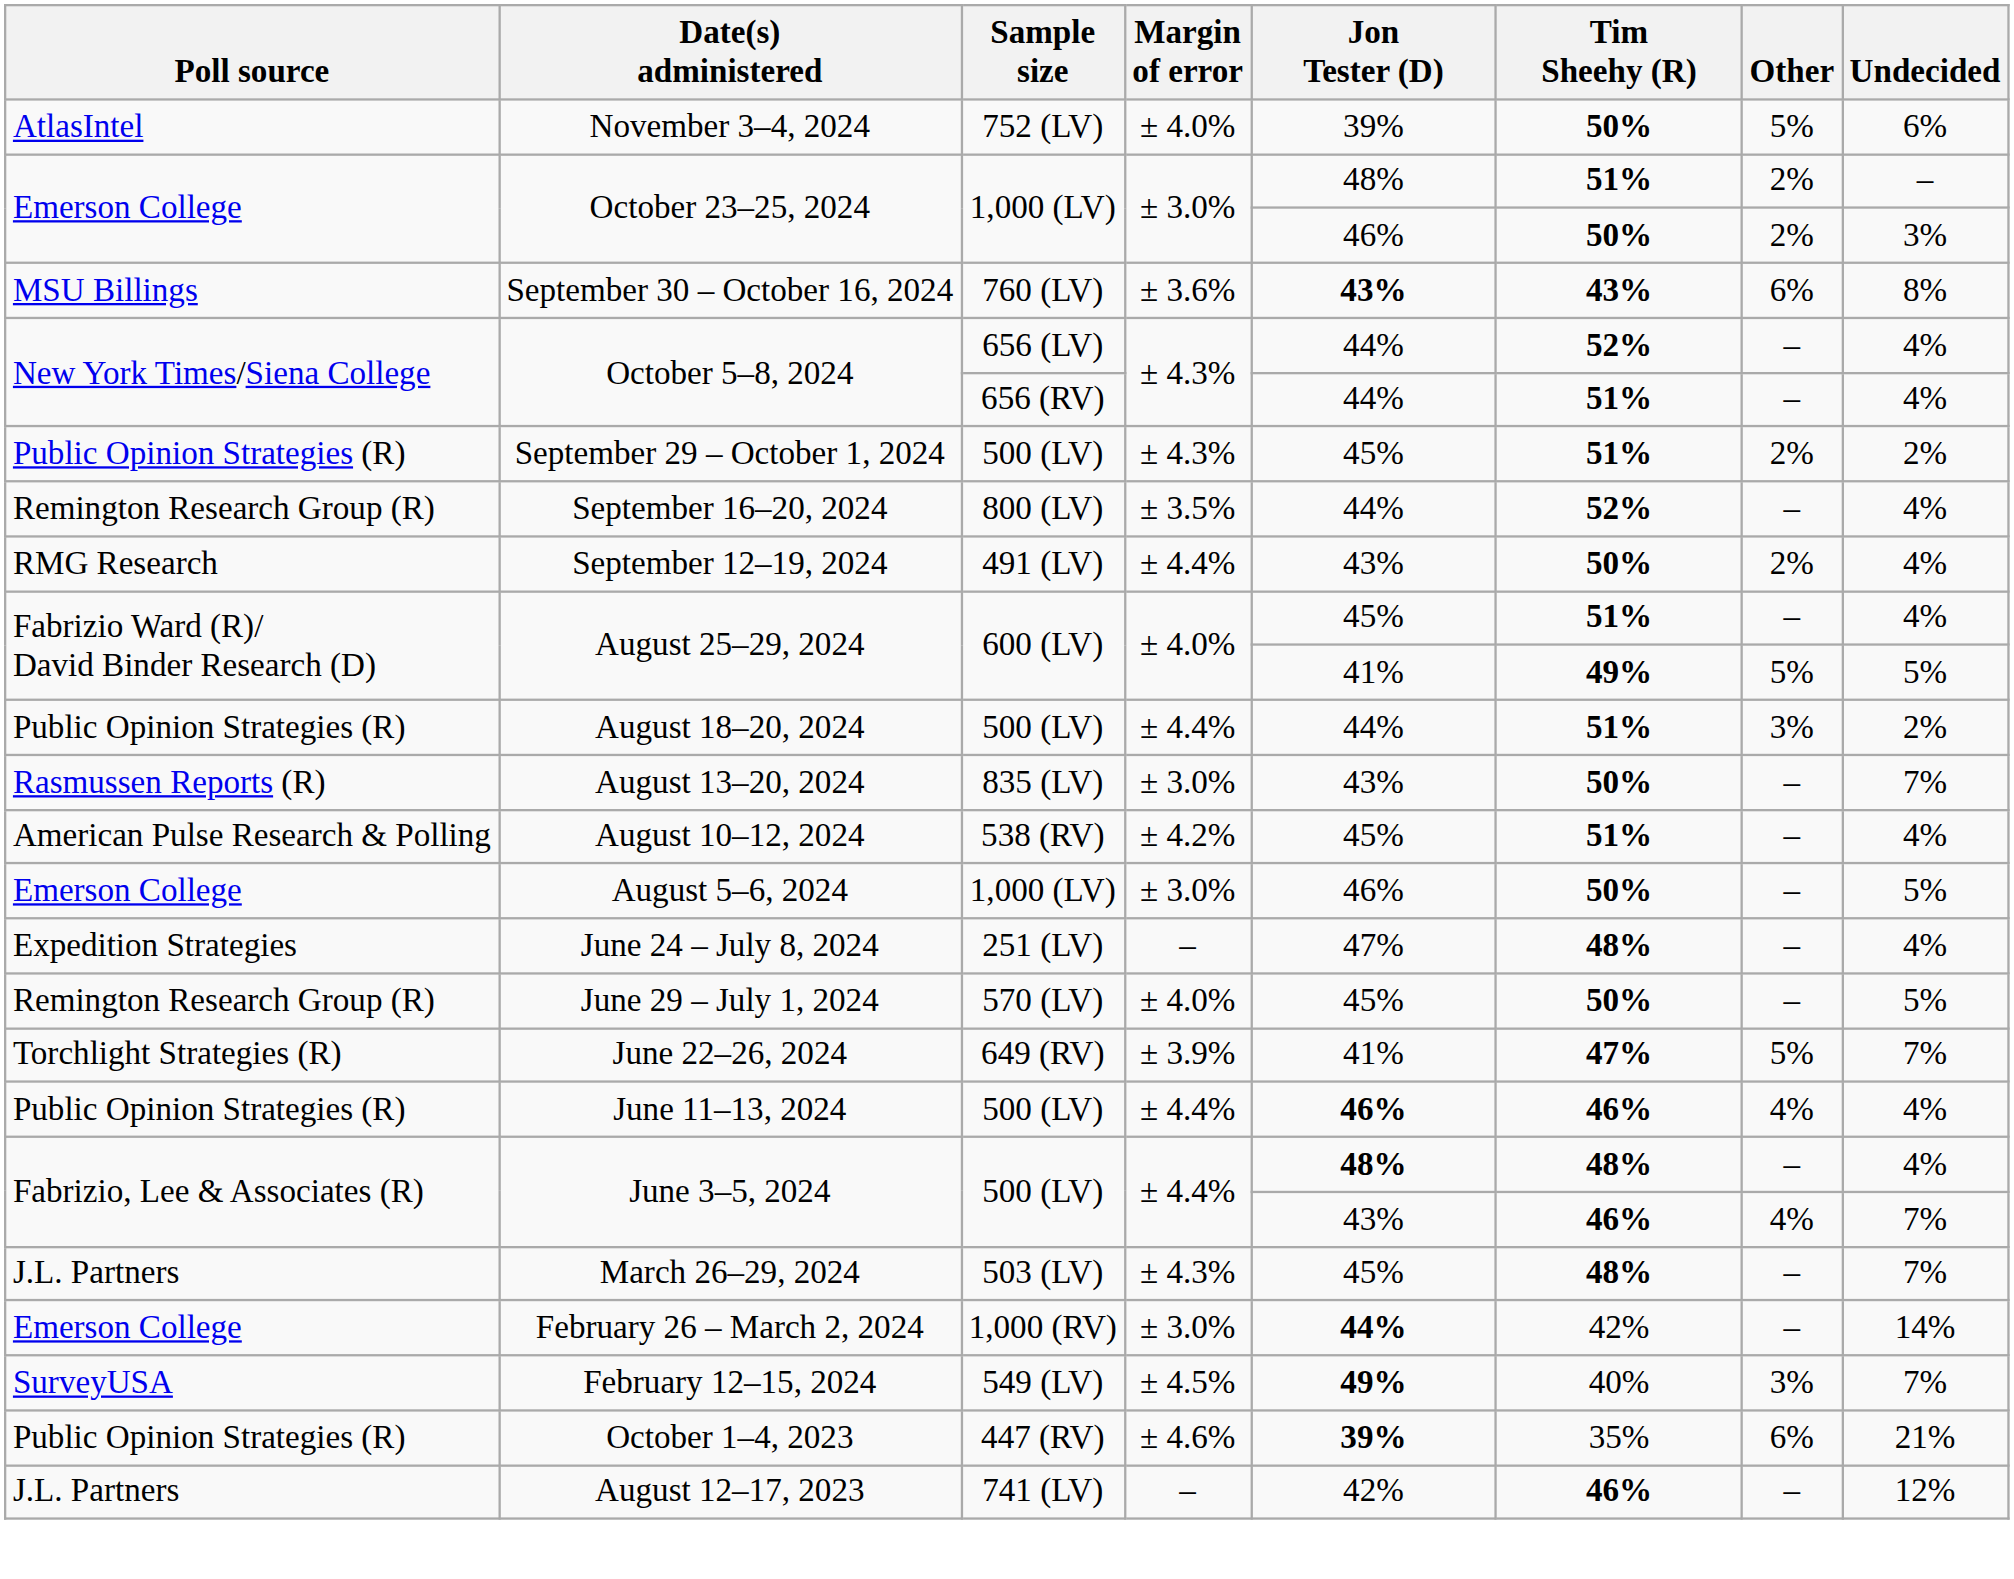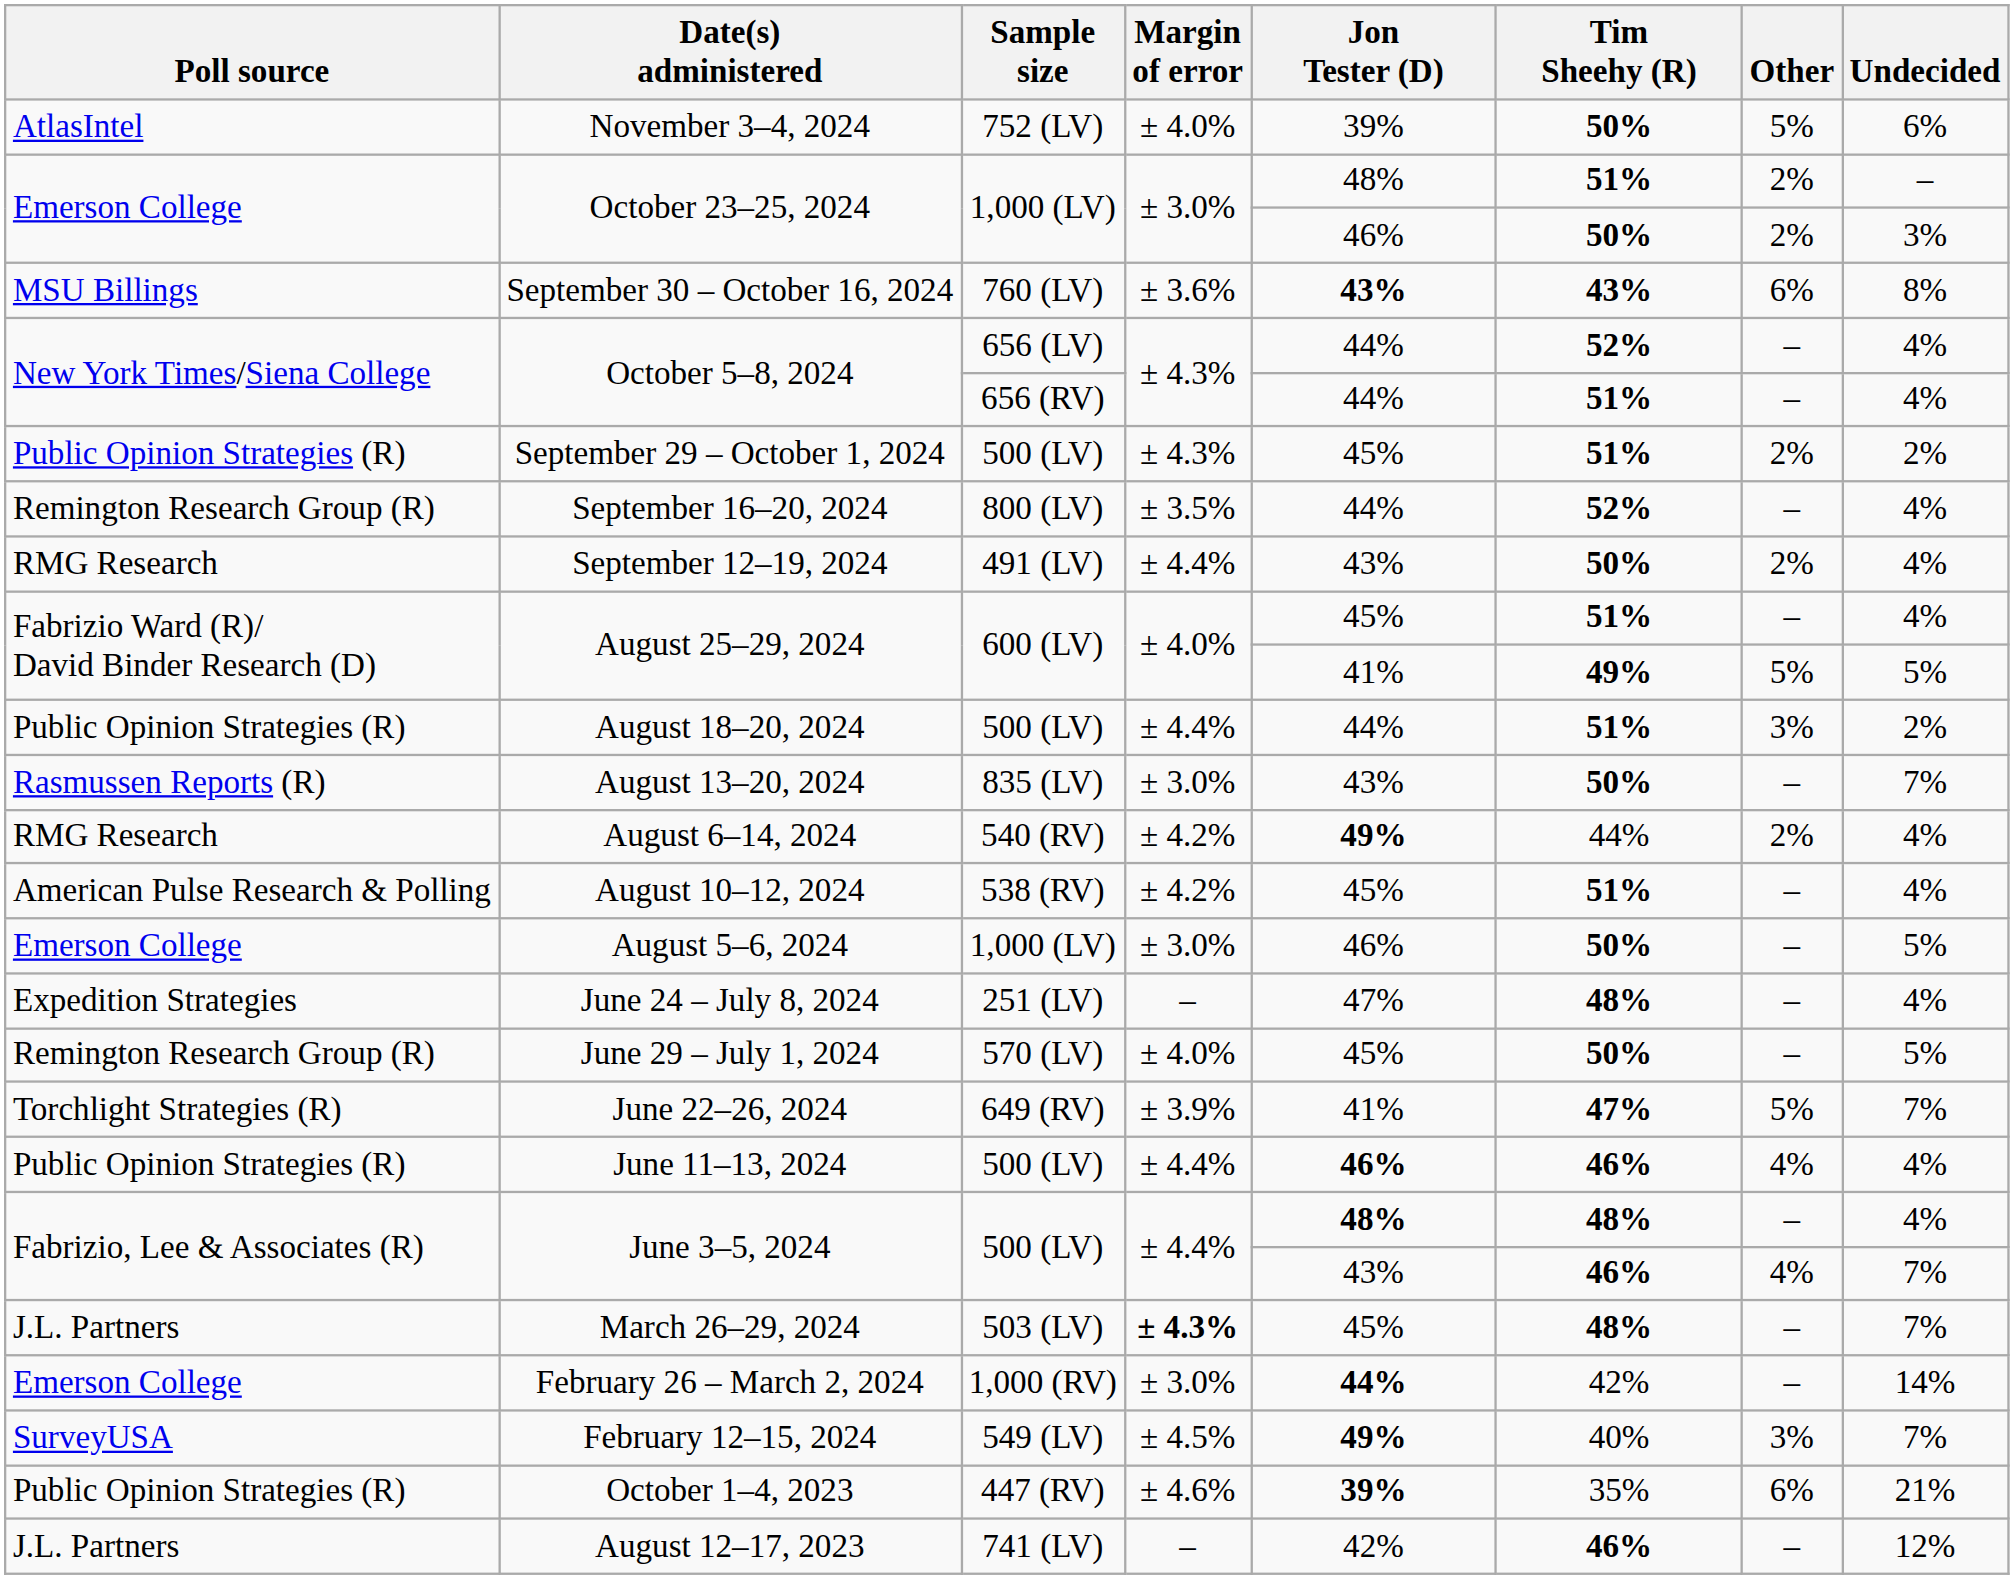 <table class="wikitable" style="font-size:90%;text-align:center;">
 <tr valign=bottom>
 <th>Poll source</th>
 <th>Date(s)<br>administered</th>
 <th>Sample<br>size</th>
 <th>Margin<br>of error</th>
 <th style="width:100px;">Jon<br>Tester (D)</th>
 <th style="width:100px;">Tim<br>Sheehy (R)</th>
 <th>Other</th>
 <th>Undecided</th>
 </tr>
 <tr>
 <td style="text-align:left;"><a href='#'>AtlasIntel</a></td>
 <td>November 3–4, 2024</td>
 <td>752 (LV)</td>
 <td>± 4.0%</td>
 <td>39%</td>
 <td><strong>50%</strong></td>
 <td>5%</td>
 <td>6%</td>
 </tr>
 <tr>
 <td rowspan="2" style="text-align:left"><a href='#'>Emerson College</a></td>
 <td rowspan="2">October 23–25, 2024</td>
 <td rowspan="2">1,000 (LV)</td>
 <td rowspan="2">± 3.0%</td>
 <td>48%</td>
 <td><strong>51%</strong></td>
 <td>2%</td>
 <td>–</td>
 </tr>
 <tr>
 <td>46%</td>
 <td><strong>50%</strong></td>
 <td>2%</td>
 <td>3%</td>
 </tr>
 <tr>
 <td style="text-align:left;"><a href='#'>MSU Billings</a></td>
 <td>September 30 – October 16, 2024</td>
 <td>760 (LV)</td>
 <td>± 3.6%</td>
 <td><strong>43%</strong></td>
 <td><strong>43%</strong></td>
 <td>6%</td>
 <td>8%</td>
 </tr>
 <tr>
 <td style="text-align:left;" rowspan="2"><a href='#'>New York Times</a>/<a href='#'>Siena College</a></td>
 <td rowspan="2">October 5–8, 2024</td>
 <td>656 (LV)</td>
 <td rowspan="2">± 4.3%</td>
 <td>44%</td>
 <td><strong>52%</strong></td>
 <td>–</td>
 <td>4%</td>
 </tr>
 <tr>
 <td>656 (RV)</td>
 <td>44%</td>
 <td><strong>51%</strong></td>
 <td>–</td>
 <td>4%</td>
 </tr>
 <tr>
 <td style="text-align:left"><a href='#'>Public Opinion Strategies</a> (R)</td>
 <td>September 29 – October 1, 2024</td>
 <td>500 (LV)</td>
 <td>± 4.3%</td>
 <td>45%</td>
 <td><strong>51%</strong></td>
 <td>2%</td>
 <td>2%</td>
 </tr>
 <tr>
 <td style="text-align:left;">Remington Research Group (R)</td>
 <td>September 16–20, 2024</td>
 <td>800 (LV)</td>
 <td>± 3.5%</td>
 <td>44%</td>
 <td><strong>52%</strong></td>
 <td>–</td>
 <td>4%</td>
 </tr>
 <tr>
 <td style="text-align:left;">RMG Research</td>
 <td>September 12–19, 2024</td>
 <td>491 (LV)</td>
 <td>± 4.4%</td>
 <td>43%</td>
 <td><strong>50%</strong></td>
 <td>2%</td>
 <td>4%</td>
 </tr>
 <tr>
 <td rowspan=2 style="text-align:left">Fabrizio Ward (R)/<br>David Binder Research (D)</td>
 <td rowspan=2>August 25–29, 2024</td>
 <td rowspan=2>600 (LV)</td>
 <td rowspan=2>± 4.0%</td>
 <td>45%</td>
 <td><strong>51%</strong></td>
 <td>–</td>
 <td>4%</td>
 </tr>
 <tr>
 <td>41%</td>
 <td><strong>49%</strong></td>
 <td>5%</td>
 <td>5%</td>
 </tr>
 <tr>
 <td style="text-align:left;">Public Opinion Strategies (R)</td>
 <td>August 18–20, 2024</td>
 <td>500 (LV)</td>
 <td>± 4.4%</td>
 <td>44%</td>
 <td><strong>51%</strong></td>
 <td>3%</td>
 <td>2%</td>
 </tr>
 <tr>
 <td style="text-align:left;"><a href='#'>Rasmussen Reports</a> (R)</td>
 <td data-sort-value="2024-08-15">August 13–20, 2024</td>
 <td>835 (LV)</td>
 <td>± 3.0%</td>
 <td>43%</td>
 <td><strong>50%</strong></td>
 <td>–</td>
 <td>7%</td>
 </tr>
 <tr>
+<td style="text-align:left;">RMG Research</td>
+<td data-sort-value="2024-08-15">August 6–14, 2024</td>
+<td>540 (RV)</td>
+<td>± 4.2%</td>
+<td><strong>49%</strong></td>
+<td>44%</td>
+<td>2%</td>
+<td>4%</td>
+</tr>
+<tr>
 <td style="text-align:left;">American Pulse Research & Polling</td>
 <td data-sort-value="2024-08-12">August 10–12, 2024</td>
 <td>538 (RV)</td>
 <td>± 4.2%</td>
 <td>45%</td>
 <td><strong>51%</strong></td>
 <td>–</td>
 <td>4%</td>
 </tr>
 <tr>
 <td style="text-align:left;"><a href='#'>Emerson College</a></td>
 <td data-sort-value="2024-08-08">August 5–6, 2024</td>
 <td>1,000 (LV)</td>
 <td>± 3.0%</td>
 <td>46%</td>
 <td><strong>50%</strong></td>
 <td>–</td>
 <td>5%</td>
 </tr>
 <tr>
 <td style="text-align:left;">Expedition Strategies</td>
 <td data-sort-value="2024-10-21">June 24 – July 8, 2024</td>
 <td>251 (LV)</td>
 <td>–</td>
 <td>47%</td>
 <td><strong>48%</strong></td>
 <td>–</td>
 <td>4%</td>
 </tr>
 <tr>
 <td style="text-align:left;">Remington Research Group (R)</td>
 <td data-sort-value="2024-06-20">June 29 – July 1, 2024</td>
 <td>570 (LV)</td>
 <td>± 4.0%</td>
 <td>45%</td>
 <td><strong>50%</strong></td>
 <td>–</td>
 <td>5%</td>
 </tr>
 <tr>
 <td style="text-align:left;">Torchlight Strategies (R)</td>
 <td>June 22–26, 2024</td>
 <td>649 (RV)</td>
 <td>± 3.9%</td>
 <td>41%</td>
 <td><strong>47%</strong></td>
 <td>5%</td>
 <td>7%</td>
 </tr>
 <tr>
 <td style="text-align:left;">Public Opinion Strategies (R)</td>
 <td>June 11–13, 2024</td>
 <td>500 (LV)</td>
 <td>± 4.4%</td>
 <td><strong>46%</strong></td>
 <td><strong>46%</strong></td>
 <td>4%</td>
 <td>4%</td>
 </tr>
 <tr>
 <td rowspan=2 style="text-align:left">Fabrizio, Lee & Associates (R)</td>
 <td rowspan=2>June 3–5, 2024</td>
 <td rowspan=2>500 (LV)</td>
 <td rowspan=2>± 4.4%</td>
 <td><strong>48%</strong></td>
 <td><strong>48%</strong></td>
 <td>–</td>
 <td>4%</td>
 </tr>
 <tr>
 <td>43%</td>
 <td><strong>46%</strong></td>
 <td>4%</td>
 <td>7%</td>
 </tr>
 <tr>
 <td style="text-align:left;">J.L. Partners</td>
 <td>March 26–29, 2024</td>
 <td>503 (LV)</td>
-<td>± 4.3%</td>
+<td><strong>± 4.3%</strong></td>
 <td>45%</td>
 <td><strong>48%</strong></td>
 <td>–</td>
 <td>7%</td>
 </tr>
 <tr>
 <td style="text-align:left;"><a href='#'>Emerson College</a></td>
 <td>February 26 – March 2, 2024</td>
 <td>1,000 (RV)</td>
 <td>± 3.0%</td>
 <td><strong>44%</strong></td>
 <td>42%</td>
 <td>–</td>
 <td>14%</td>
 </tr>
 <tr>
 <td style="text-align:left;"><a href='#'>SurveyUSA</a></td>
 <td>February 12–15, 2024</td>
 <td>549 (LV)</td>
 <td>± 4.5%</td>
 <td><strong>49%</strong></td>
 <td>40%</td>
 <td>3%</td>
 <td>7%</td>
 </tr>
 <tr>
 <td style="text-align:left;">Public Opinion Strategies (R)</td>
 <td>October 1–4, 2023</td>
 <td>447 (RV)</td>
 <td>± 4.6%</td>
 <td><strong>39%</strong></td>
 <td>35%</td>
 <td>6%</td>
 <td>21%</td>
 </tr>
 <tr>
 <td rowspan=2 style="text-align:left">J.L. Partners</td>
 <td>August 12–17, 2023</td>
 <td>741 (LV)</td>
 <td>–</td>
 <td>42%</td>
 <td><strong>46%</strong></td>
 <td>–</td>
 <td>12%</td>
 </tr>
 </table>
